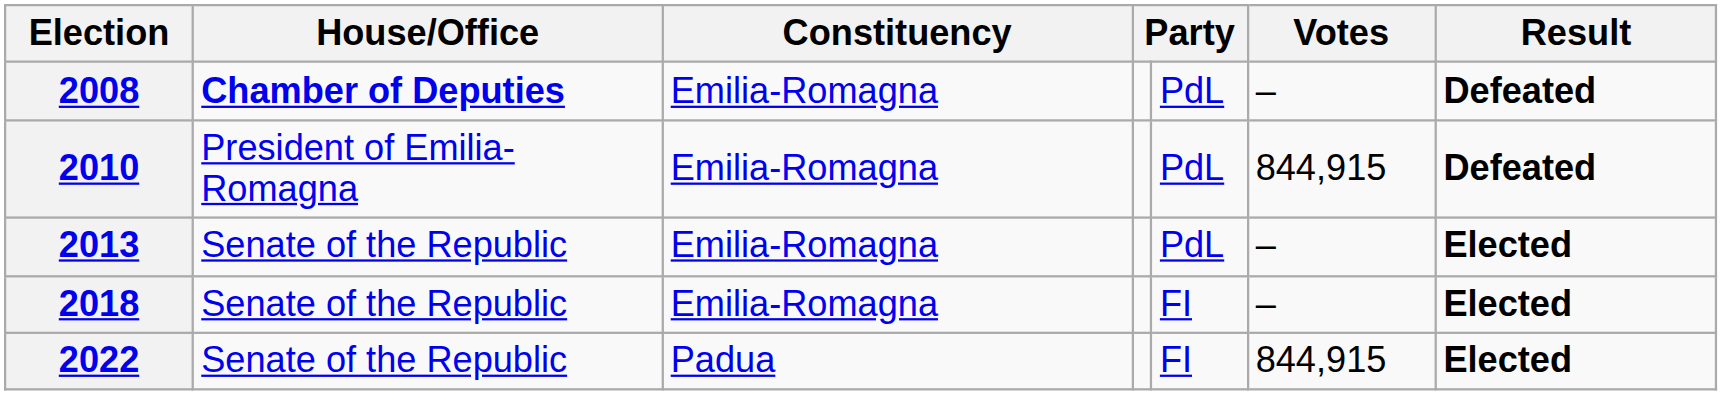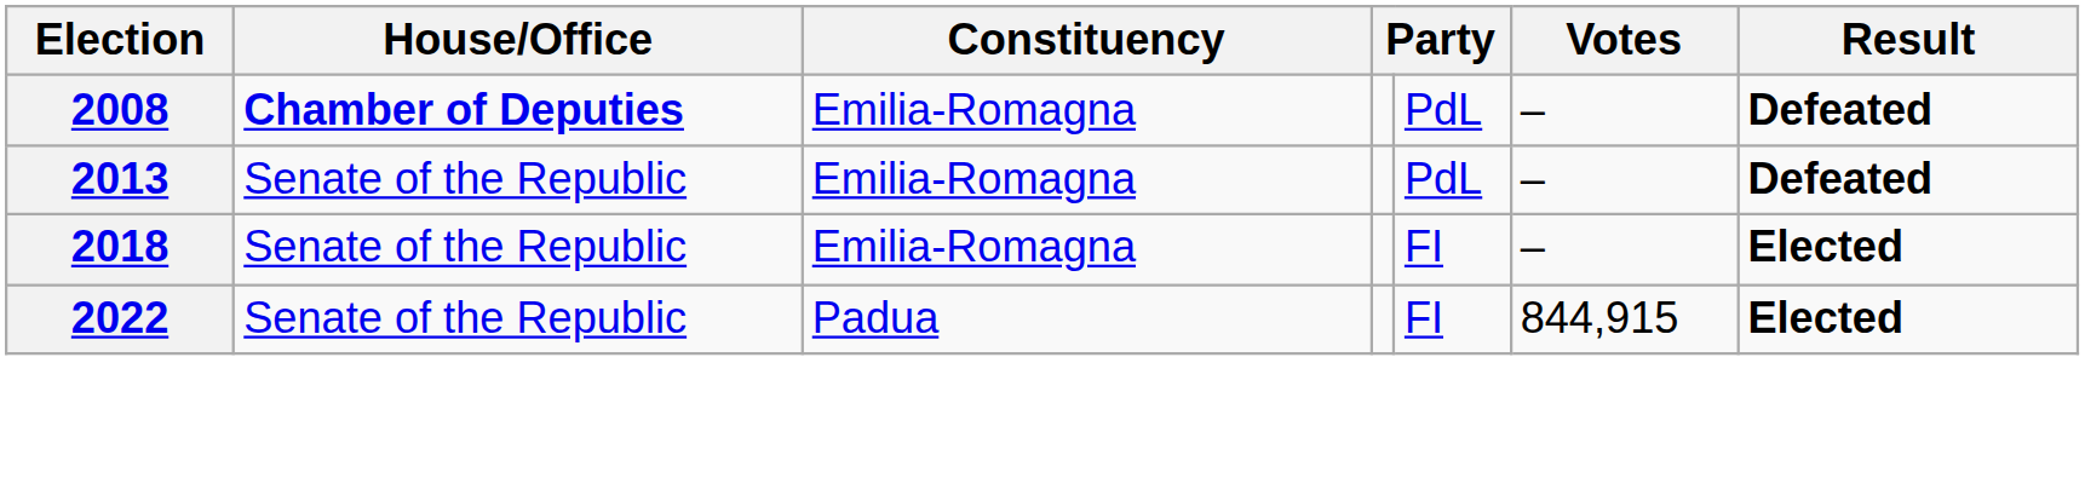 <table class=wikitable style="width:60%; border:1px #AAAAFF solid">
 <tr>
 <th width=10%>Election</th>
 <th width=25%>House/Office</th>
 <th width=25%>Constituency</th>
 <th width=5% colspan="2">Party</th>
 <th width=10%>Votes</th>
 <th width=15%>Result</th>
 </tr>
 <tr>
 <th><a href='#'>2008</a></th>
 <td><strong><a href='#'>Chamber of Deputies</a></strong></td>
 <td><a href='#'>Emilia-Romagna</a></td>
 <td></td>
 <td><a href='#'>PdL</a></td>
 <td>–</td>
 <td> <strong>Defeated</strong></td>
 </tr>
 <tr>
-<th><a href='#'>2010</a></th>
-<td><a href='#'>President of Emilia-Romagna</a></td>
-<td><a href='#'>Emilia-Romagna</a></td>
-<td></td>
-<td><a href='#'>PdL</a></td>
-<td>844,915</td>
-<td> <strong>Defeated</strong></td>
-</tr>
-<tr>
 <th><a href='#'>2013</a></th>
 <td><a href='#'>Senate of the Republic</a></td>
 <td><a href='#'>Emilia-Romagna</a></td>
 <td></td>
 <td><a href='#'>PdL</a></td>
 <td>–</td>
-<td> <strong>Elected</strong></td>
+<td> <strong>Defeated</strong></td>
 </tr>
 <tr>
 <th><a href='#'>2018</a></th>
 <td><a href='#'>Senate of the Republic</a></td>
 <td><a href='#'>Emilia-Romagna</a></td>
 <td></td>
 <td><a href='#'>FI</a></td>
 <td>–</td>
 <td> <strong>Elected</strong></td>
 </tr>
 <tr>
 <th><a href='#'>2022</a></th>
 <td><a href='#'>Senate of the Republic</a></td>
 <td><a href='#'>Padua</a></td>
 <td></td>
 <td><a href='#'>FI</a></td>
 <td>844,915</td>
 <td> <strong>Elected</strong></td>
 </tr>
 </table>
